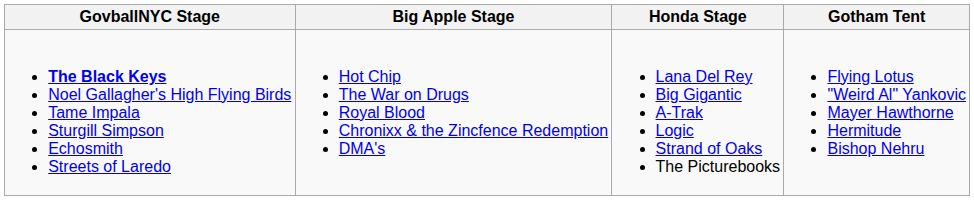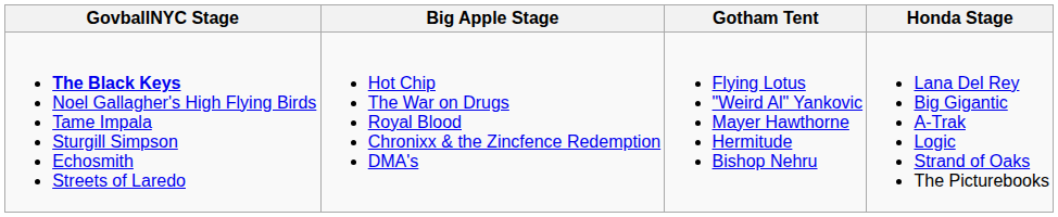 <table class="wikitable">
 <tr>
 <th>GovballNYC Stage</th>
 <th>Big Apple Stage</th>
+<th>Gotham Tent</th>
 <th>Honda Stage</th>
-<th>Gotham Tent</th>
 </tr>
 <tr valign="top">
 <td><br><ul><li><strong><a href='#'>The Black Keys</a></strong></li><li><a href='#'>Noel Gallagher's High Flying Birds</a></li><li><a href='#'>Tame Impala</a></li><li><a href='#'>Sturgill Simpson</a></li><li><a href='#'>Echosmith</a></li><li><a href='#'>Streets of Laredo</a></li></ul></td>
 <td><br><ul><li><a href='#'>Hot Chip</a></li><li><a href='#'>The War on Drugs</a></li><li><a href='#'>Royal Blood</a></li><li><a href='#'>Chronixx & the Zincfence Redemption</a></li><li><a href='#'>DMA's</a></li></ul></td>
+<td><br><ul><li><a href='#'>Flying Lotus</a></li><li><a href='#'>"Weird Al" Yankovic</a></li><li><a href='#'>Mayer Hawthorne</a></li><li><a href='#'>Hermitude</a></li><li><a href='#'>Bishop Nehru</a></li></ul></td>
 <td><br><ul><li><a href='#'>Lana Del Rey</a></li><li><a href='#'>Big Gigantic</a></li><li><a href='#'>A-Trak</a></li><li><a href='#'>Logic</a></li><li><a href='#'>Strand of Oaks</a></li><li>The Picturebooks</li></ul></td>
-<td><br><ul><li><a href='#'>Flying Lotus</a></li><li><a href='#'>"Weird Al" Yankovic</a></li><li><a href='#'>Mayer Hawthorne</a></li><li><a href='#'>Hermitude</a></li><li><a href='#'>Bishop Nehru</a></li></ul></td>
 </tr>
 </table>
